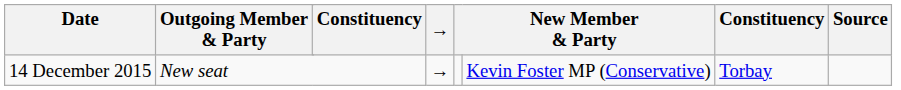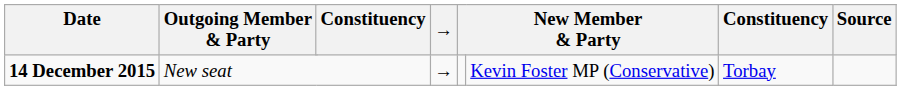 <table class="wikitable">
 <tr>
 <th valign="top">Date</th>
 <th colspan="2" valign="top">Outgoing Member<br>& Party</th>
 <th valign="top">Constituency</th>
 <th>→</th>
 <th colspan="2" valign="top">New Member<br>& Party</th>
 <th valign="top">Constituency</th>
 <th valign="top">Source</th>
 </tr>
 <tr>
-<td nowrap>14 December 2015</td>
+<td nowrap><strong>14 December 2015</strong></td>
 <td colspan=3><em>New seat</em></td>
 <td>→</td>
 <td style="color:inherit;background:"></td>
 <td><a href='#'>Kevin Foster</a> MP (<a href='#'>Conservative</a>)</td>
 <td><a href='#'>Torbay</a></td>
 <td></td>
 </tr>
 </table>
